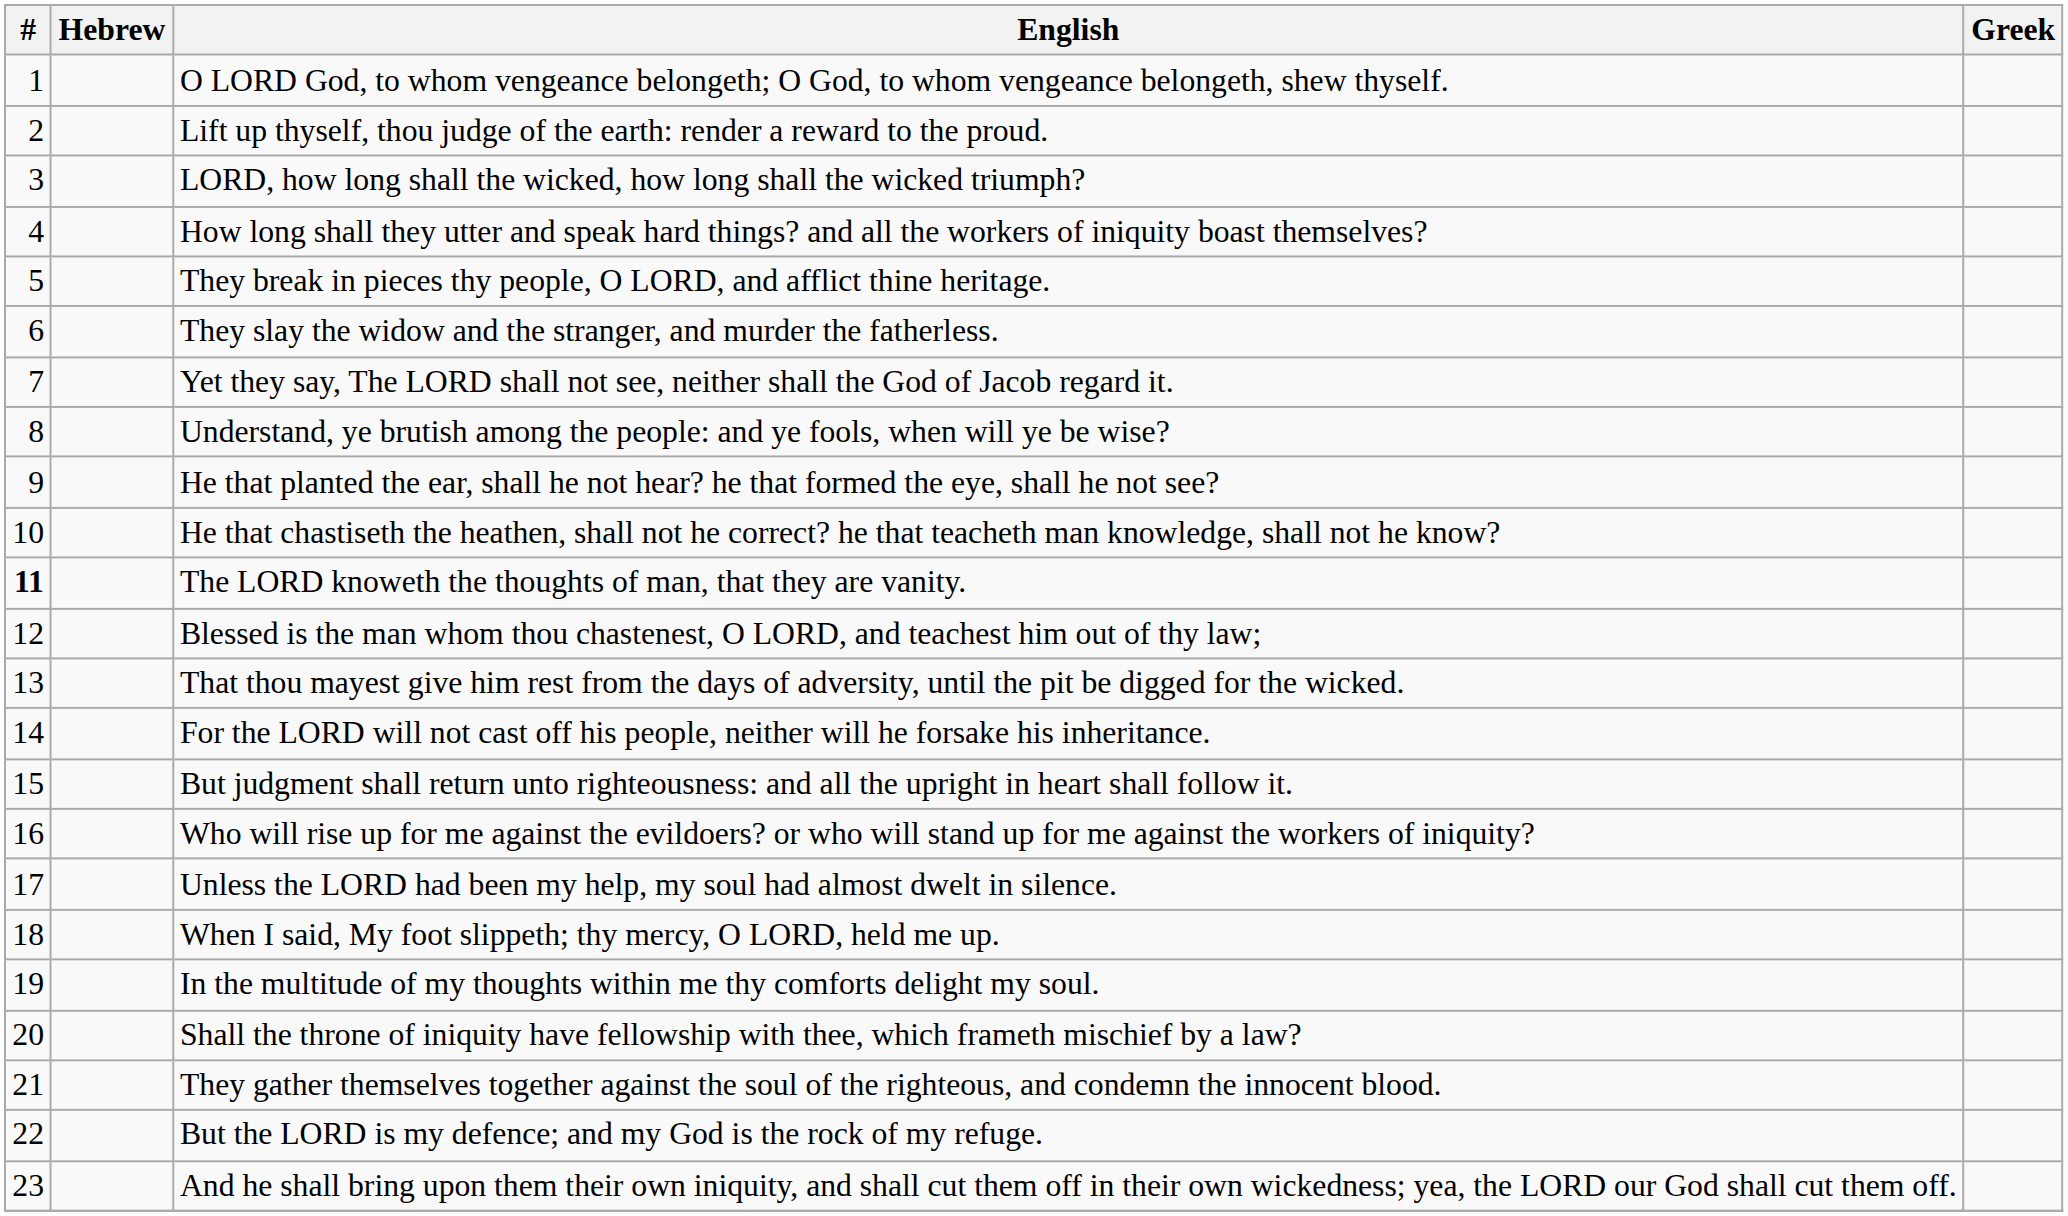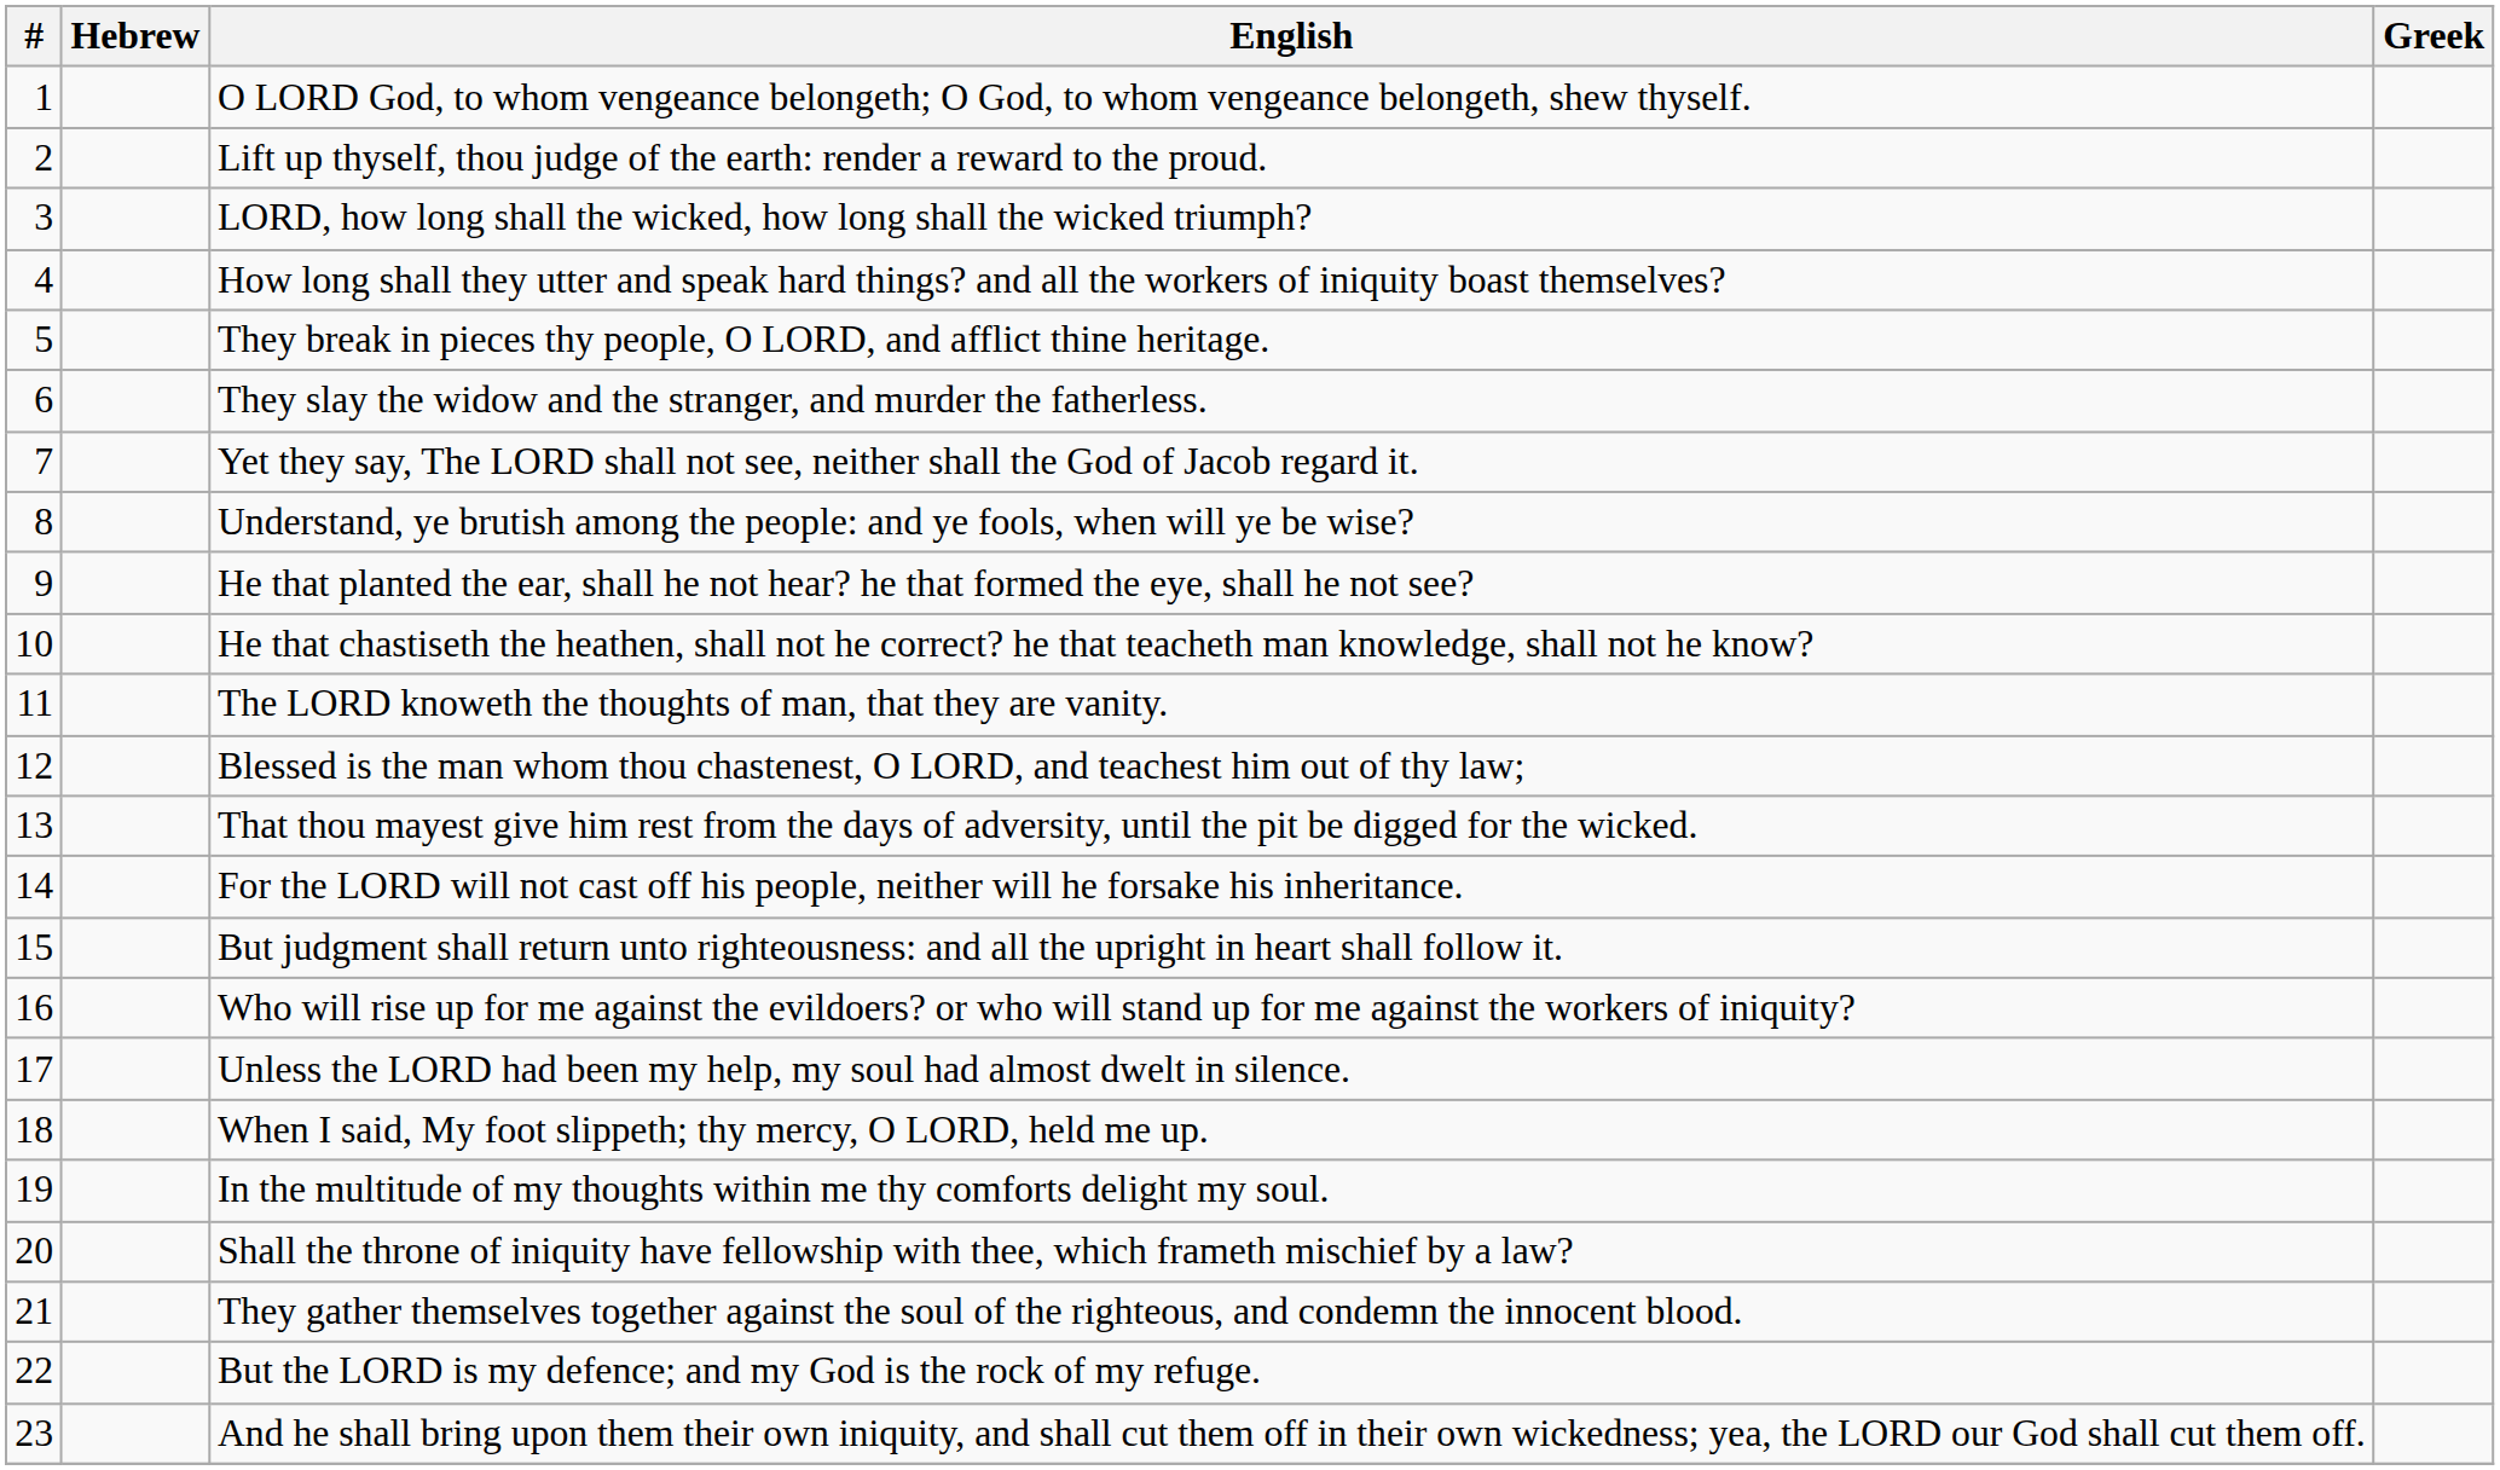 <table class=wikitable>
 <tr>
 <th>#</th>
 <th>Hebrew</th>
 <th>English</th>
 <th>Greek</th>
 </tr>
 <tr>
 <td style="text-align:right">1</td>
 <td style="text-align:right"></td>
 <td>O LORD God, to whom vengeance belongeth; O God, to whom vengeance belongeth, shew thyself.</td>
 <td></td>
 </tr>
 <tr>
 <td style="text-align:right">2</td>
 <td style="text-align:right"></td>
 <td>Lift up thyself, thou judge of the earth: render a reward to the proud.</td>
 <td></td>
 </tr>
 <tr>
 <td style="text-align:right">3</td>
 <td style="text-align:right"></td>
 <td>LORD, how long shall the wicked, how long shall the wicked triumph?</td>
 <td></td>
 </tr>
 <tr>
 <td style="text-align:right">4</td>
 <td style="text-align:right"></td>
 <td>How long shall they utter and speak hard things? and all the workers of iniquity boast themselves?</td>
 <td></td>
 </tr>
 <tr>
 <td style="text-align:right">5</td>
 <td style="text-align:right"></td>
 <td>They break in pieces thy people, O LORD, and afflict thine heritage.</td>
 <td></td>
 </tr>
 <tr>
 <td style="text-align:right">6</td>
 <td style="text-align:right"></td>
 <td>They slay the widow and the stranger, and murder the fatherless.</td>
 <td></td>
 </tr>
 <tr>
 <td style="text-align:right">7</td>
 <td style="text-align:right"></td>
 <td>Yet they say, The LORD shall not see, neither shall the God of Jacob regard it.</td>
 <td></td>
 </tr>
 <tr>
 <td style="text-align:right">8</td>
 <td style="text-align:right"></td>
 <td>Understand, ye brutish among the people: and ye fools, when will ye be wise?</td>
 <td></td>
 </tr>
 <tr>
 <td style="text-align:right">9</td>
 <td style="text-align:right"></td>
 <td>He that planted the ear, shall he not hear? he that formed the eye, shall he not see?</td>
 <td></td>
 </tr>
 <tr>
 <td style="text-align:right">10</td>
 <td style="text-align:right"></td>
 <td>He that chastiseth the heathen, shall not he correct? he that teacheth man knowledge, shall not he know?</td>
 <td></td>
 </tr>
 <tr>
-<td style="text-align:right"><strong>11</strong></td>
+<td style="text-align:right">11</td>
 <td style="text-align:right"></td>
 <td>The LORD knoweth the thoughts of man, that they are vanity.</td>
 <td></td>
 </tr>
 <tr>
 <td style="text-align:right">12</td>
 <td style="text-align:right"></td>
 <td>Blessed is the man whom thou chastenest, O LORD, and teachest him out of thy law;</td>
 <td></td>
 </tr>
 <tr>
 <td style="text-align:right">13</td>
 <td style="text-align:right"></td>
 <td>That thou mayest give him rest from the days of adversity, until the pit be digged for the wicked.</td>
 <td></td>
 </tr>
 <tr>
 <td style="text-align:right">14</td>
 <td style="text-align:right"></td>
 <td>For the LORD will not cast off his people, neither will he forsake his inheritance.</td>
 <td></td>
 </tr>
 <tr>
 <td style="text-align:right">15</td>
 <td style="text-align:right"></td>
 <td>But judgment shall return unto righteousness: and all the upright in heart shall follow it.</td>
 <td></td>
 </tr>
 <tr>
 <td style="text-align:right">16</td>
 <td style="text-align:right"></td>
 <td>Who will rise up for me against the evildoers? or who will stand up for me against the workers of iniquity?</td>
 <td></td>
 </tr>
 <tr>
 <td style="text-align:right">17</td>
 <td style="text-align:right"></td>
 <td>Unless the LORD had been my help, my soul had almost dwelt in silence.</td>
 <td></td>
 </tr>
 <tr>
 <td style="text-align:right">18</td>
 <td style="text-align:right"></td>
 <td>When I said, My foot slippeth; thy mercy, O LORD, held me up.</td>
 <td></td>
 </tr>
 <tr>
 <td style="text-align:right">19</td>
 <td style="text-align:right"></td>
 <td>In the multitude of my thoughts within me thy comforts delight my soul.</td>
 <td></td>
 </tr>
 <tr>
 <td style="text-align:right">20</td>
 <td style="text-align:right"></td>
 <td>Shall the throne of iniquity have fellowship with thee, which frameth mischief by a law?</td>
 <td></td>
 </tr>
 <tr>
 <td style="text-align:right">21</td>
 <td style="text-align:right"></td>
 <td>They gather themselves together against the soul of the righteous, and condemn the innocent blood.</td>
 <td></td>
 </tr>
 <tr>
 <td style="text-align:right">22</td>
 <td style="text-align:right"></td>
 <td>But the LORD is my defence; and my God is the rock of my refuge.</td>
 <td></td>
 </tr>
 <tr>
 <td style="text-align:right">23</td>
 <td style="text-align:right"></td>
 <td>And he shall bring upon them their own iniquity, and shall cut them off in their own wickedness; yea, the LORD our God shall cut them off.</td>
 <td></td>
 </tr>
 <tr>
 </tr>
 </table>
